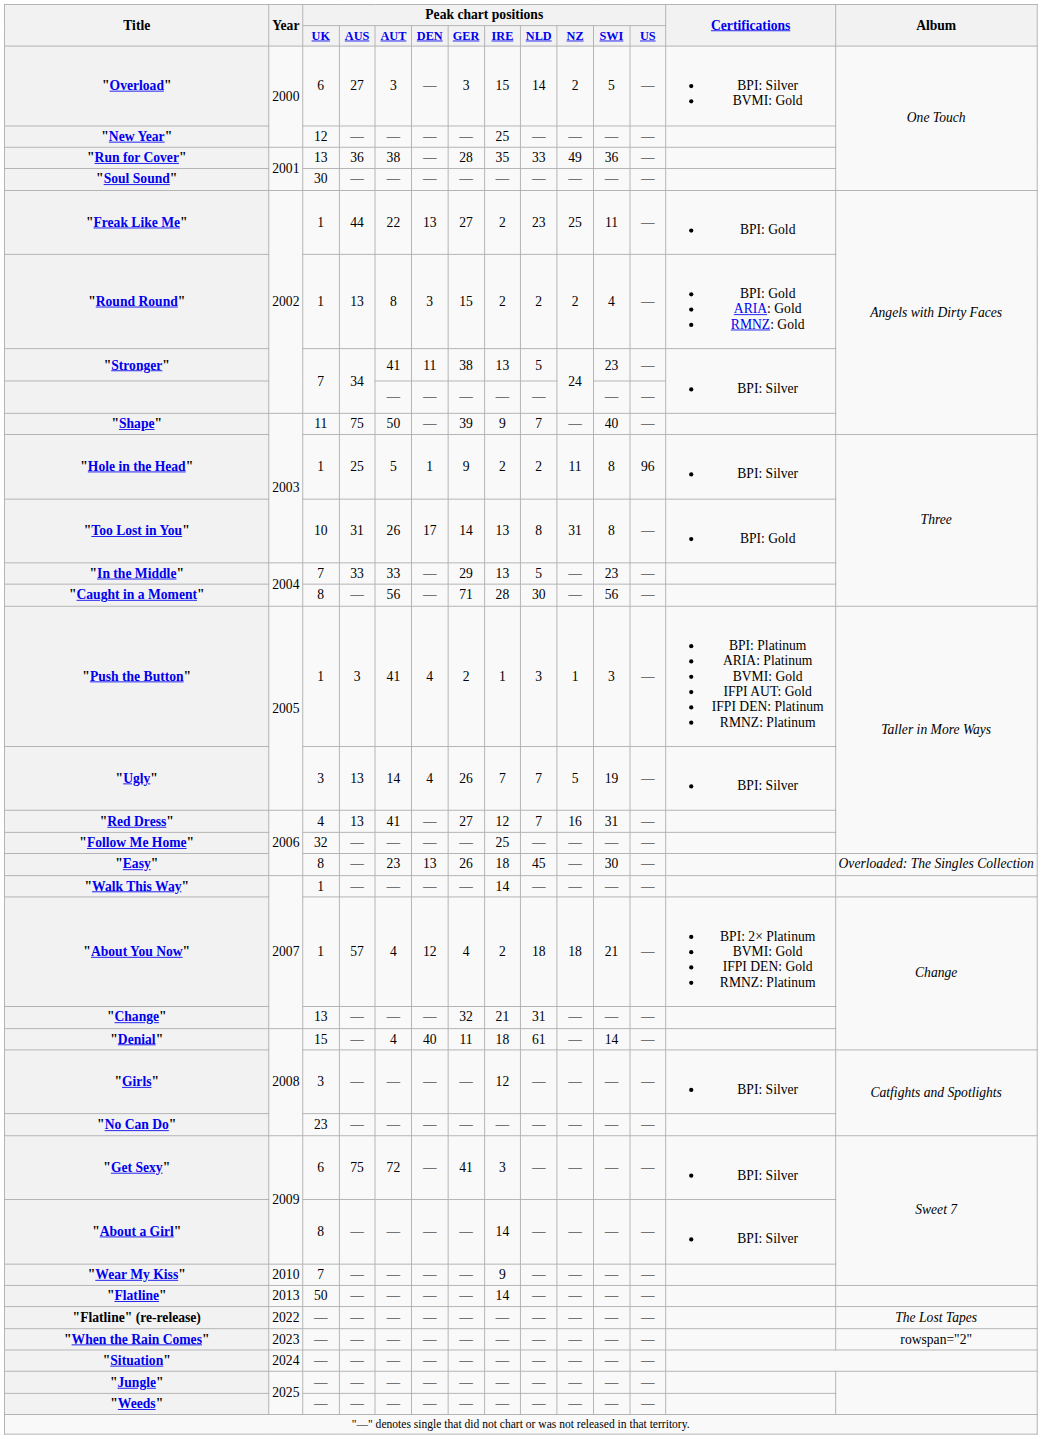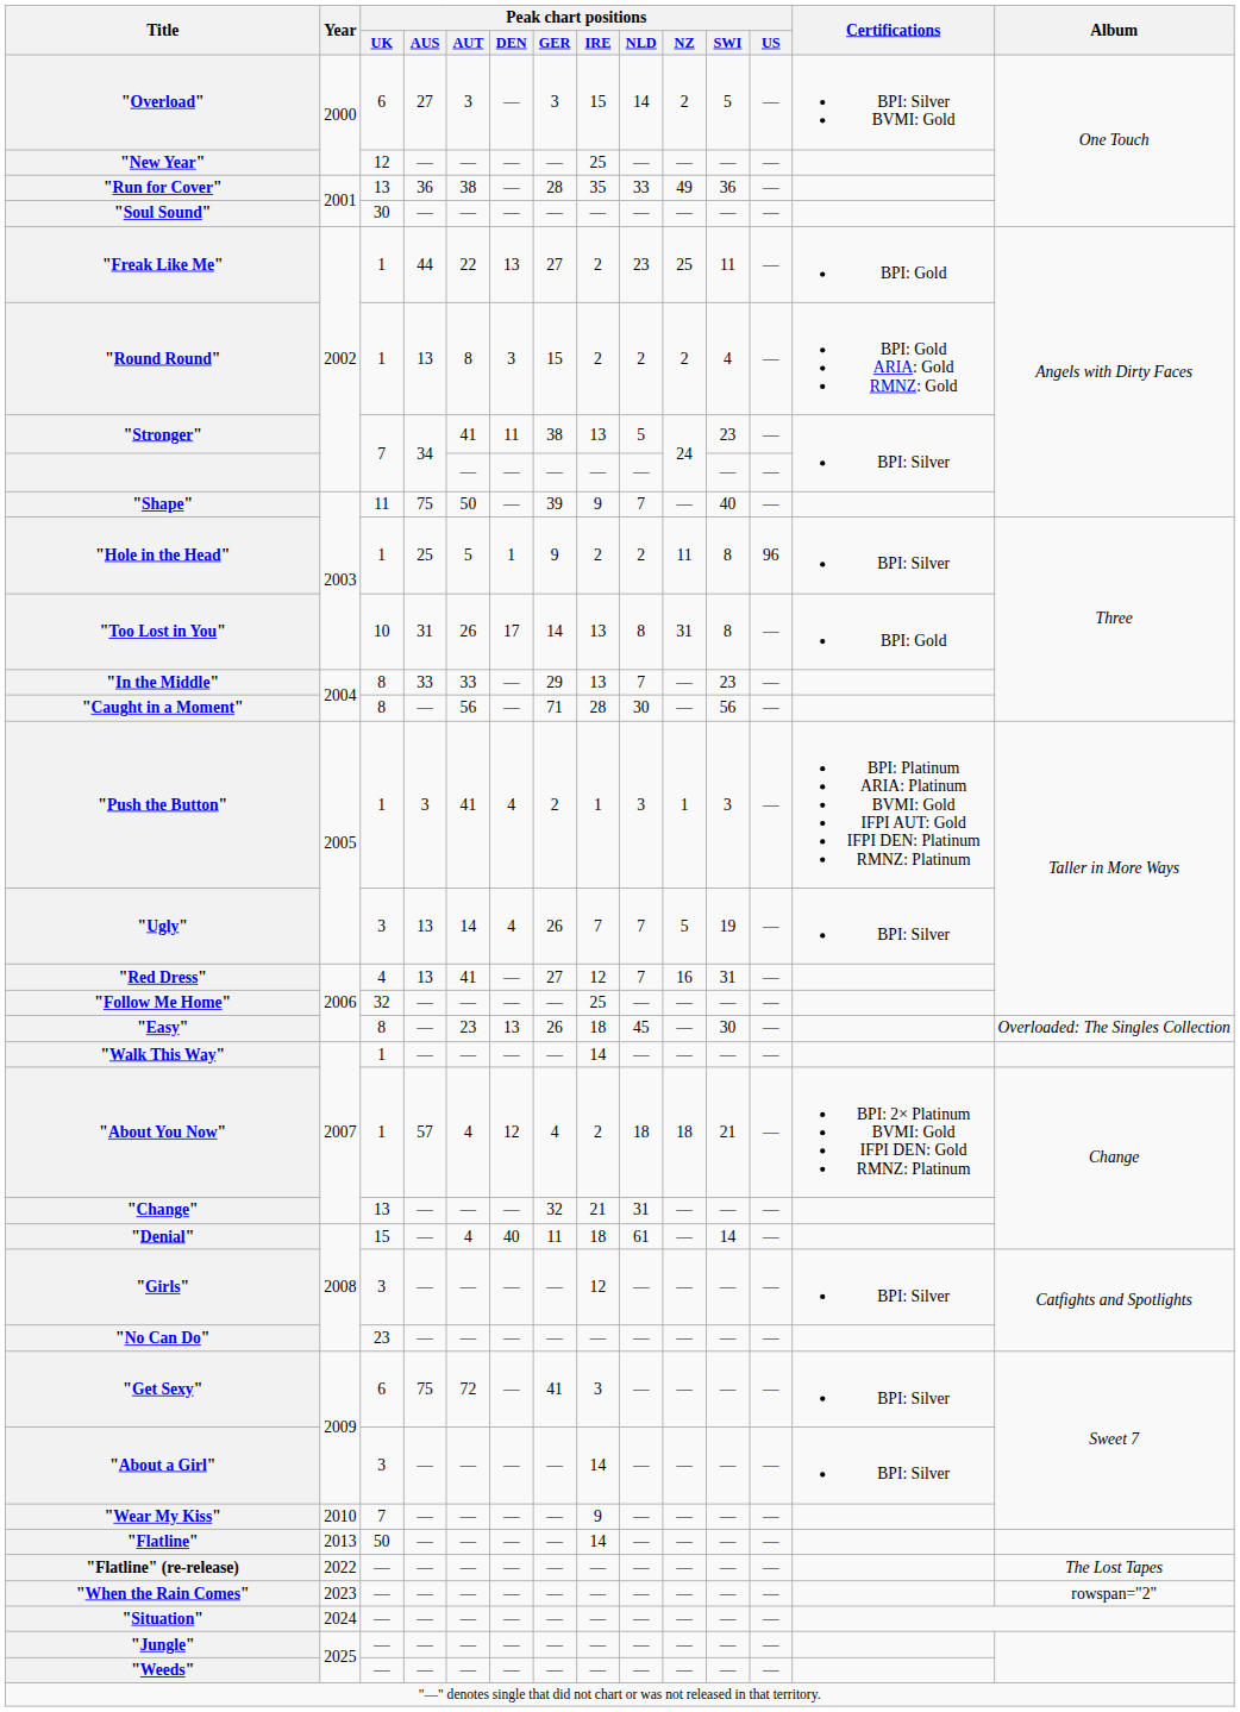 <table class="wikitable plainrowheaders" style="text-align:center;">
 <tr>
 <th scope="col" rowspan="2" style="width:19em;">Title</th>
 <th scope="col" rowspan="2">Year</th>
 <th scope="col" colspan="10">Peak chart positions</th>
 <th scope="col" rowspan="2" style="width:12em;"><a href='#'>Certifications</a></th>
 <th scope="col" rowspan="2">Album</th>
 </tr>
 <tr>
 <th scope="col" style="width:2.5em;font-size:90%;"><a href='#'>UK</a><br></th>
 <th scope="col" style="width:2.5em;font-size:90%;"><a href='#'>AUS</a><br></th>
 <th scope="col" style="width:2.5em;font-size:90%;"><a href='#'>AUT</a><br></th>
 <th scope="col" style="width:2.5em;font-size:90%;"><a href='#'>DEN</a><br></th>
 <th scope="col" style="width:2.5em;font-size:90%;"><a href='#'>GER</a><br></th>
 <th scope="col" style="width:2.5em;font-size:90%;"><a href='#'>IRE</a><br></th>
 <th scope="col" style="width:2.5em;font-size:90%;"><a href='#'>NLD</a><br></th>
 <th scope="col" style="width:2.5em;font-size:90%;"><a href='#'>NZ</a><br></th>
 <th scope="col" style="width:2.5em;font-size:90%;"><a href='#'>SWI</a><br></th>
 <th scope="col" style="width:2.5em;font-size:90%;"><a href='#'>US</a><br></th>
 </tr>
 <tr>
 <th scope="row">"<a href='#'>Overload</a>"</th>
 <td rowspan="2">2000</td>
 <td>6</td>
 <td>27</td>
 <td>3</td>
 <td>—</td>
 <td>3</td>
 <td>15</td>
 <td>14</td>
 <td>2</td>
 <td>5</td>
 <td>—</td>
 <td><br><ul><li>BPI: Silver</li><li>BVMI: Gold</li></ul></td>
 <td rowspan="4"><em>One Touch</em></td>
 </tr>
 <tr>
 <th scope="row">"<a href='#'>New Year</a>"</th>
 <td>12</td>
 <td>—</td>
 <td>—</td>
 <td>—</td>
 <td>—</td>
 <td>25</td>
 <td>—</td>
 <td>—</td>
 <td>—</td>
 <td>—</td>
 <td></td>
 </tr>
 <tr>
 <th scope="row">"<a href='#'>Run for Cover</a>"</th>
 <td rowspan="2">2001</td>
 <td>13</td>
 <td>36</td>
 <td>38</td>
 <td>—</td>
 <td>28</td>
 <td>35</td>
 <td>33</td>
 <td>49</td>
 <td>36</td>
 <td>—</td>
 <td></td>
 </tr>
 <tr>
 <th scope="row">"<a href='#'>Soul Sound</a>"</th>
 <td>30</td>
 <td>—</td>
 <td>—</td>
 <td>—</td>
 <td>—</td>
 <td>—</td>
 <td>—</td>
 <td>—</td>
 <td>—</td>
 <td>—</td>
 <td></td>
 </tr>
 <tr>
 <th scope="row">"<a href='#'>Freak Like Me</a>"</th>
 <td rowspan="4">2002</td>
 <td>1</td>
 <td>44</td>
 <td>22</td>
 <td>13</td>
 <td>27</td>
 <td>2</td>
 <td>23</td>
 <td>25</td>
 <td>11</td>
 <td>—</td>
 <td><br><ul><li>BPI: Gold</li></ul></td>
 <td rowspan="5"><em>Angels with Dirty Faces</em></td>
 </tr>
 <tr>
 <th scope="row">"<a href='#'>Round Round</a>"</th>
 <td>1</td>
 <td>13</td>
 <td>8</td>
 <td>3</td>
 <td>15</td>
 <td>2</td>
 <td>2</td>
 <td>2</td>
 <td>4</td>
 <td>—</td>
 <td><br><ul><li>BPI: Gold</li><li><a href='#'>ARIA</a>: Gold</li><li><a href='#'>RMNZ</a>: Gold</li></ul></td>
 </tr>
 <tr>
 <th scope="row">"<a href='#'>Stronger</a>"</th>
 <td rowspan="2">7</td>
 <td rowspan="2">34</td>
 <td>41</td>
 <td>11</td>
 <td>38</td>
 <td>13</td>
 <td>5</td>
 <td rowspan="2">24</td>
 <td>23</td>
 <td>—</td>
 <td rowspan="2"><br><ul><li>BPI: Silver</li></ul></td>
 </tr>
 <tr>
 <th scope="row"></th>
 <td>—</td>
 <td>—</td>
 <td>—</td>
 <td>—</td>
 <td>—</td>
 <td>—</td>
 <td>—</td>
 </tr>
 <tr>
 <th scope="row">"<a href='#'>Shape</a>"</th>
 <td rowspan="3">2003</td>
 <td>11</td>
 <td>75</td>
 <td>50</td>
 <td>—</td>
 <td>39</td>
 <td>9</td>
 <td>7</td>
 <td>—</td>
 <td>40</td>
 <td>—</td>
 <td></td>
 </tr>
 <tr>
 <th scope="row">"<a href='#'>Hole in the Head</a>"</th>
 <td>1</td>
 <td>25</td>
 <td>5</td>
 <td>1</td>
 <td>9</td>
 <td>2</td>
 <td>2</td>
 <td>11</td>
 <td>8</td>
 <td>96</td>
 <td><br><ul><li>BPI: Silver</li></ul></td>
 <td rowspan="4"><em>Three</em></td>
 </tr>
 <tr>
 <th scope="row">"<a href='#'>Too Lost in You</a>"</th>
 <td>10</td>
 <td>31</td>
 <td>26</td>
 <td>17</td>
 <td>14</td>
 <td>13</td>
 <td>8</td>
 <td>31</td>
 <td>8</td>
 <td>—</td>
 <td><br><ul><li>BPI: Gold</li></ul></td>
 </tr>
 <tr>
 <th scope="row">"<a href='#'>In the Middle</a>"</th>
 <td rowspan="2">2004</td>
-<td>7</td>
+<td>8</td>
 <td>33</td>
 <td>33</td>
 <td>—</td>
 <td>29</td>
 <td>13</td>
-<td>5</td>
+<td>7</td>
 <td>—</td>
 <td>23</td>
 <td>—</td>
 <td></td>
 </tr>
 <tr>
 <th scope="row">"<a href='#'>Caught in a Moment</a>"</th>
 <td>8</td>
 <td>—</td>
 <td>56</td>
 <td>—</td>
 <td>71</td>
 <td>28</td>
 <td>30</td>
 <td>—</td>
 <td>56</td>
 <td>—</td>
 <td></td>
 </tr>
 <tr>
 <th scope="row">"<a href='#'>Push the Button</a>"</th>
 <td rowspan="2">2005</td>
 <td>1</td>
 <td>3</td>
 <td>41</td>
 <td>4</td>
 <td>2</td>
 <td>1</td>
 <td>3</td>
 <td>1</td>
 <td>3</td>
 <td>—</td>
 <td><br><ul><li>BPI: Platinum</li><li>ARIA: Platinum</li><li>BVMI: Gold</li><li>IFPI AUT: Gold</li><li>IFPI DEN: Platinum</li><li>RMNZ: Platinum</li></ul></td>
 <td rowspan="4"><em>Taller in More Ways</em></td>
 </tr>
 <tr>
 <th scope="row">"<a href='#'>Ugly</a>"</th>
 <td>3</td>
 <td>13</td>
 <td>14</td>
 <td>4</td>
 <td>26</td>
 <td>7</td>
 <td>7</td>
 <td>5</td>
 <td>19</td>
 <td>—</td>
 <td><br><ul><li>BPI: Silver</li></ul></td>
 </tr>
 <tr>
 <th scope="row">"<a href='#'>Red Dress</a>"</th>
 <td rowspan="3">2006</td>
 <td>4</td>
 <td>13</td>
 <td>41</td>
 <td>—</td>
 <td>27</td>
 <td>12</td>
 <td>7</td>
 <td>16</td>
 <td>31</td>
 <td>—</td>
 <td></td>
 </tr>
 <tr>
 <th scope="row">"<a href='#'>Follow Me Home</a>"</th>
 <td>32</td>
 <td>—</td>
 <td>—</td>
 <td>—</td>
 <td>—</td>
 <td>25</td>
 <td>—</td>
 <td>—</td>
 <td>—</td>
 <td>—</td>
 <td></td>
 </tr>
 <tr>
 <th scope="row">"<a href='#'>Easy</a>"</th>
 <td>8</td>
 <td>—</td>
 <td>23</td>
 <td>13</td>
 <td>26</td>
 <td>18</td>
 <td>45</td>
 <td>—</td>
 <td>30</td>
 <td>—</td>
 <td></td>
 <td><em>Overloaded: The Singles Collection</em></td>
 </tr>
 <tr>
 <th scope="row">"<a href='#'>Walk This Way</a>"<br></th>
 <td rowspan="3">2007</td>
 <td>1</td>
 <td>—</td>
 <td>—</td>
 <td>—</td>
 <td>—</td>
 <td>14</td>
 <td>—</td>
 <td>—</td>
 <td>—</td>
 <td>—</td>
 <td></td>
 <td></td>
 </tr>
 <tr>
 <th scope="row">"<a href='#'>About You Now</a>"</th>
 <td>1</td>
 <td>57</td>
 <td>4</td>
 <td>12</td>
 <td>4</td>
 <td>2</td>
 <td>18</td>
 <td>18</td>
 <td>21</td>
 <td>—</td>
 <td><br><ul><li>BPI: 2× Platinum</li><li>BVMI: Gold</li><li>IFPI DEN: Gold</li><li>RMNZ: Platinum</li></ul></td>
 <td rowspan="3"><em>Change</em></td>
 </tr>
 <tr>
 <th scope="row">"<a href='#'>Change</a>"</th>
 <td>13</td>
 <td>—</td>
 <td>—</td>
 <td>—</td>
 <td>32</td>
 <td>21</td>
 <td>31</td>
 <td>—</td>
 <td>—</td>
 <td>—</td>
 <td></td>
 </tr>
 <tr>
 <th scope="row">"<a href='#'>Denial</a>"</th>
 <td rowspan="3">2008</td>
 <td>15</td>
 <td>—</td>
 <td>4</td>
 <td>40</td>
 <td>11</td>
 <td>18</td>
 <td>61</td>
 <td>—</td>
 <td>14</td>
 <td>—</td>
 <td></td>
 </tr>
 <tr>
 <th scope="row">"<a href='#'>Girls</a>"</th>
 <td>3</td>
 <td>—</td>
 <td>—</td>
 <td>—</td>
 <td>—</td>
 <td>12</td>
 <td>—</td>
 <td>—</td>
 <td>—</td>
 <td>—</td>
 <td><br><ul><li>BPI: Silver</li></ul></td>
 <td rowspan="2"><em>Catfights and Spotlights</em></td>
 </tr>
 <tr>
 <th scope="row">"<a href='#'>No Can Do</a>"</th>
 <td>23</td>
 <td>—</td>
 <td>—</td>
 <td>—</td>
 <td>—</td>
 <td>—</td>
 <td>—</td>
 <td>—</td>
 <td>—</td>
 <td>—</td>
 <td></td>
 </tr>
 <tr>
 <th scope="row">"<a href='#'>Get Sexy</a>"</th>
 <td rowspan="2">2009</td>
 <td>6</td>
 <td>75</td>
 <td>72</td>
 <td>—</td>
 <td>41</td>
 <td>3</td>
 <td>—</td>
 <td>—</td>
 <td>—</td>
 <td>—</td>
 <td><br><ul><li>BPI: Silver</li></ul></td>
 <td rowspan="3"><em>Sweet 7</em></td>
 </tr>
 <tr>
 <th scope="row">"<a href='#'>About a Girl</a>"</th>
-<td>8</td>
+<td>3</td>
 <td>—</td>
 <td>—</td>
 <td>—</td>
 <td>—</td>
 <td>14</td>
 <td>—</td>
 <td>—</td>
 <td>—</td>
 <td>—</td>
 <td><br><ul><li>BPI: Silver</li></ul></td>
 </tr>
 <tr>
 <th scope="row">"<a href='#'>Wear My Kiss</a>"</th>
 <td>2010</td>
 <td>7</td>
 <td>—</td>
 <td>—</td>
 <td>—</td>
 <td>—</td>
 <td>9</td>
 <td>—</td>
 <td>—</td>
 <td>—</td>
 <td>—</td>
 <td></td>
 </tr>
 <tr>
 <th scope="row">"<a href='#'>Flatline</a>"<br></th>
 <td>2013</td>
 <td>50</td>
 <td>—</td>
 <td>—</td>
 <td>—</td>
 <td>—</td>
 <td>14</td>
 <td>—</td>
 <td>—</td>
 <td>—</td>
 <td>—</td>
 <td></td>
 <td></td>
 </tr>
 <tr>
 <th scope="row">"Flatline" (re-release) </th>
 <td>2022</td>
 <td>—</td>
 <td>—</td>
 <td>—</td>
 <td>—</td>
 <td>—</td>
 <td>—</td>
 <td>—</td>
 <td>—</td>
 <td>—</td>
 <td>—</td>
 <td></td>
 <td><em>The Lost Tapes</em></td>
 </tr>
 <tr>
 <th scope="row">"<a href='#'>When the Rain Comes</a>"</th>
 <td>2023</td>
 <td>—</td>
 <td>—</td>
 <td>—</td>
 <td>—</td>
 <td>—</td>
 <td>—</td>
 <td>—</td>
 <td>—</td>
 <td>—</td>
 <td>—</td>
 <td></td>
 <td>rowspan="2" </td>
 </tr>
 <tr>
 <th scope="row">"<a href='#'>Situation</a>"<br></th>
 <td>2024</td>
 <td>—</td>
 <td>—</td>
 <td>—</td>
 <td>—</td>
 <td>—</td>
 <td>—</td>
 <td>—</td>
 <td>—</td>
 <td>—</td>
 <td>—</td>
 </tr>
 <tr>
 <th scope="row">"<a href='#'>Jungle</a>"</th>
 <td rowspan="2">2025</td>
 <td>—</td>
 <td>—</td>
 <td>—</td>
 <td>—</td>
 <td>—</td>
 <td>—</td>
 <td>—</td>
 <td>—</td>
 <td>—</td>
 <td>—</td>
 <td></td>
 <td rowspan="2"></td>
 </tr>
 <tr>
 <th scope="row">"<a href='#'>Weeds</a>"</th>
 <td>—</td>
 <td>—</td>
 <td>—</td>
 <td>—</td>
 <td>—</td>
 <td>—</td>
 <td>—</td>
 <td>—</td>
 <td>—</td>
 <td>—</td>
 <td></td>
 </tr>
 <tr>
 <td colspan="14" style="font-size:85%">"—" denotes single that did not chart or was not released in that territory.</td>
 </tr>
 </table>
